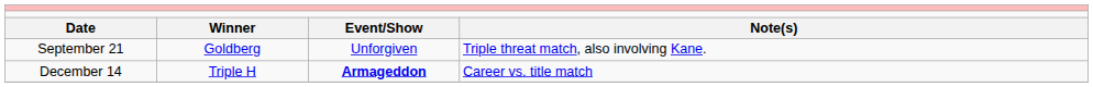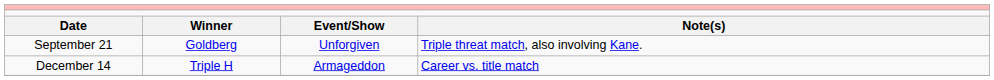 <table class="wikitable" style="text-align:center; width:100%;">
 <tr style="background:#FBB;">
 <td colspan="5"></td>
 </tr>
 <tr>
 <td colspan="5"><strong></strong></td>
 </tr>
 <tr>
 <th width=14%>Date</th>
 <th width=14%>Winner</th>
 <th width=14%>Event/Show</th>
 <th width=58%>Note(s)</th>
 </tr>
 <tr>
 <td>September 21</td>
 <td><a href='#'>Goldberg</a></td>
 <td><a href='#'>Unforgiven</a></td>
 <td align=left><a href='#'>Triple threat match</a>, also involving <a href='#'>Kane</a>.</td>
 </tr>
 <tr>
 <td>December 14</td>
 <td><a href='#'>Triple H</a></td>
-<td><strong><a href='#'>Armageddon</a></strong></td>
+<td><a href='#'>Armageddon</a></td>
 <td align=left><a href='#'>Career vs. title match</a></td>
 </tr>
 <tr>
 </tr>
 </table>
